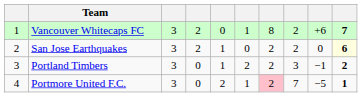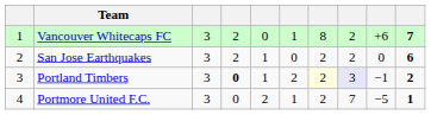 <table class="wikitable" style="text-align: center;">
 <tr>
 <th width="28"></th>
 <th width="185">Team</th>
 <th width="28"></th>
 <th width="28"></th>
 <th width="28"></th>
 <th width="28"></th>
 <th width="28"></th>
 <th width="28"></th>
 <th width="28"></th>
 <th width="28"></th>
 </tr>
 <tr bgcolor="#CCFFCC">
 <td>1</td>
 <td style="text-align:left;"><a href='#'>Vancouver Whitecaps FC</a></td>
 <td>3</td>
 <td>2</td>
 <td>0</td>
 <td>1</td>
 <td>8</td>
 <td>2</td>
 <td>+6</td>
 <td><strong>7</strong></td>
 </tr>
 <tr>
 <td>2</td>
 <td style="text-align:left;"><a href='#'>San Jose Earthquakes</a></td>
 <td>3</td>
 <td>2</td>
 <td>1</td>
 <td>0</td>
 <td>2</td>
 <td>2</td>
 <td>0</td>
-<td style="background: lightyellow;"><strong>6</strong></td>
+<td><strong>6</strong></td>
 </tr>
 <tr>
 <td>3</td>
 <td style="text-align:left;"><a href='#'>Portland Timbers</a></td>
 <td>3</td>
-<td>0</td>
+<td><strong>0</strong></td>
 <td>1</td>
 <td>2</td>
-<td>2</td>
-<td>3</td>
+<td style="background: lightyellow;">2</td>
+<td style="background: lavender;">3</td>
 <td>−1</td>
 <td><strong>2</strong></td>
 </tr>
 <tr>
 <td>4</td>
 <td style="text-align:left;"><a href='#'>Portmore United F.C.</a></td>
 <td>3</td>
 <td>0</td>
 <td>2</td>
 <td>1</td>
-<td style="background: pink;">2</td>
+<td>2</td>
 <td>7</td>
 <td>−5</td>
 <td><strong>1</strong></td>
 </tr>
 </table>
